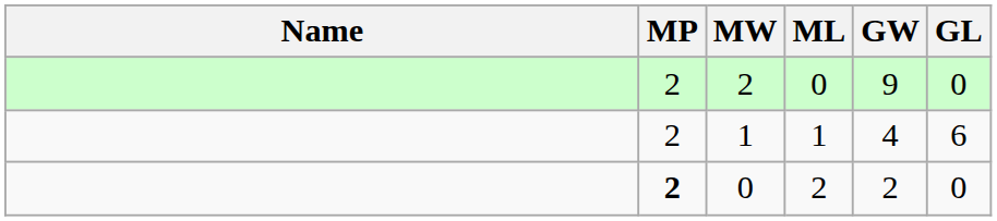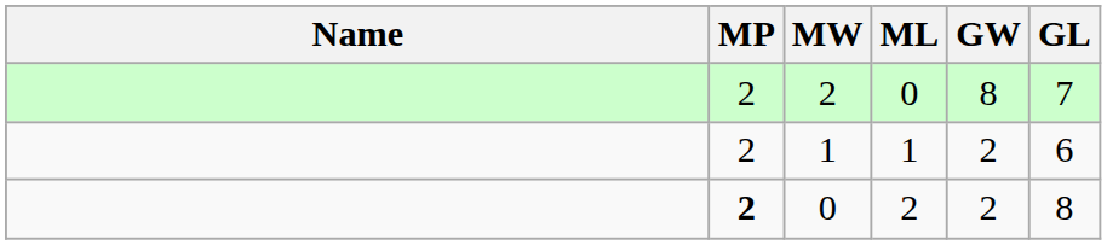 <table class=wikitable style="text-align:center">
 <tr>
 <th width=300>Name</th>
 <th width=20>MP</th>
 <th width=20>MW</th>
 <th width=20>ML</th>
 <th width=20>GW</th>
 <th width=20>GL</th>
 </tr>
 <tr style="background-color:#ccffcc;">
 <td style="text-align:left;"><strong></strong></td>
 <td>2</td>
 <td>2</td>
 <td>0</td>
-<td>9</td>
-<td>0</td>
+<td>8</td>
+<td>7</td>
 </tr>
 <tr>
 <td style="text-align:left;"></td>
 <td>2</td>
 <td>1</td>
 <td>1</td>
-<td>4</td>
+<td>2</td>
 <td>6</td>
 </tr>
 <tr>
 <td style="text-align:left;"></td>
 <td><strong>2</strong></td>
 <td>0</td>
 <td>2</td>
 <td>2</td>
-<td>0</td>
+<td>8</td>
 </tr>
 </table>
